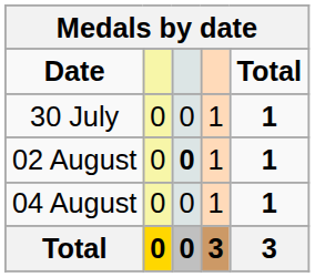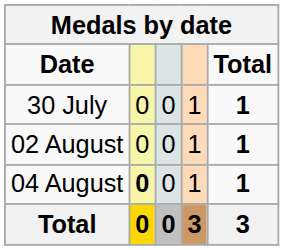 <table class="wikitable" style="font-size:85%">
 <tr bgcolor="#efefef">
 <th colspan=6>Medals by date</th>
 </tr>
 <tr align=center>
 <td><strong>Date</strong></td>
 <td bgcolor=#f7f6a8></td>
 <td bgcolor=#dce5e5></td>
 <td bgcolor=#ffdab9></td>
 <td><strong>Total</strong></td>
 </tr>
 <tr align=center>
 <td>30 July</td>
 <td style="background:#F7F6A8;">0</td>
 <td style="background:#DCE5E5;">0</td>
 <td style="background:#FFDAB9;">1</td>
 <td><strong>1</strong></td>
 </tr>
 <tr align=center>
 <td>02 August</td>
 <td style="background:#F7F6A8;">0</td>
-<td style="background:#DCE5E5;"><strong>0</strong></td>
+<td style="background:#DCE5E5;">0</td>
 <td style="background:#FFDAB9;">1</td>
 <td><strong>1</strong></td>
 </tr>
 <tr align=center>
 <td>04 August</td>
-<td style="background:#F7F6A8;">0</td>
+<td style="background:#F7F6A8;"><strong>0</strong></td>
 <td style="background:#DCE5E5;">0</td>
 <td style="background:#FFDAB9;">1</td>
 <td><strong>1</strong></td>
 </tr>
 <tr align=center>
 <th><strong>Total</strong></th>
 <th style="background:gold;"><strong>0</strong></th>
 <th style="background:silver;"><strong>0</strong></th>
 <th style="background:#c96;"><strong>3</strong></th>
 <th>3</th>
 </tr>
 </table>
